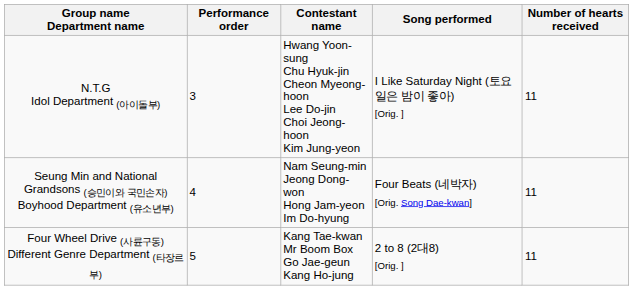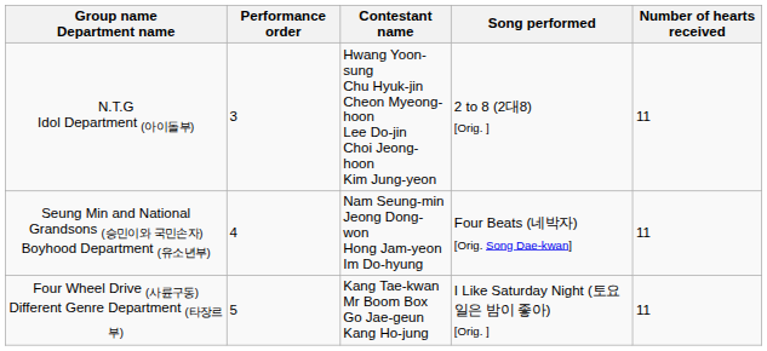 <table class="wikitable">
 <tr>
 <th>Group name<br>Department name</th>
 <th>Performance order</th>
 <th>Contestant name</th>
 <th>Song performed</th>
 <th>Number of hearts received</th>
 </tr>
 <tr>
 <td align=center>N.T.G<br>Idol Department <sub>(아이돌부)</sub></td>
 <td>3</td>
 <td>Hwang Yoon-sung<br>Chu Hyuk-jin<br>Cheon Myeong-hoon<br>Lee Do-jin<br>Choi Jeong-hoon<br>Kim Jung-yeon</td>
-<td>I Like Saturday Night (토요일은 밤이 좋아)<br><sub>[Orig. ]</sub></td>
+<td>2 to 8 (2대8)<br><sub>[Orig. ]</sub></td>
 <td>11</td>
 </tr>
 <tr>
 <td align=center>Seung Min and National Grandsons <sub>(승민이와 국민손자)</sub><br>Boyhood Department <sub>(유소년부)</sub></td>
 <td>4</td>
 <td>Nam Seung-min<br>Jeong Dong-won<br>Hong Jam-yeon<br>Im Do-hyung</td>
 <td>Four Beats (네박자)<br><sub>[Orig. <a href='#'>Song Dae-kwan</a>]</sub></td>
 <td>11</td>
 </tr>
 <tr>
 <td align=center>Four Wheel Drive <sub>(사륜구동)</sub><br>Different Genre Department <sub>(타장르부)</sub></td>
 <td>5</td>
 <td>Kang Tae-kwan<br>Mr Boom Box<br>Go Jae-geun<br>Kang Ho-jung</td>
-<td>2 to 8 (2대8)<br><sub>[Orig. ]</sub></td>
+<td>I Like Saturday Night (토요일은 밤이 좋아)<br><sub>[Orig. ]</sub></td>
 <td>11</td>
 </tr>
 </table>
